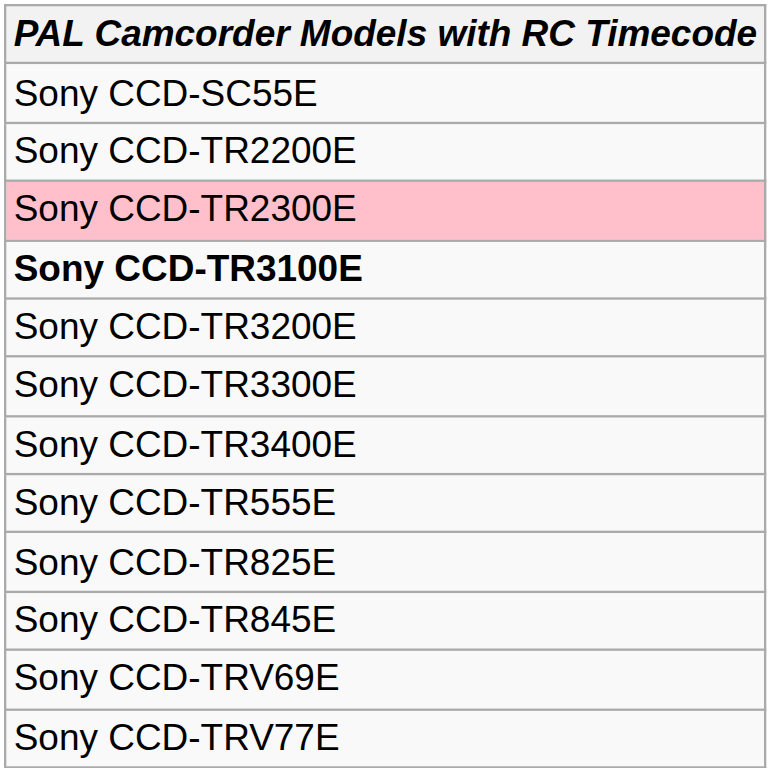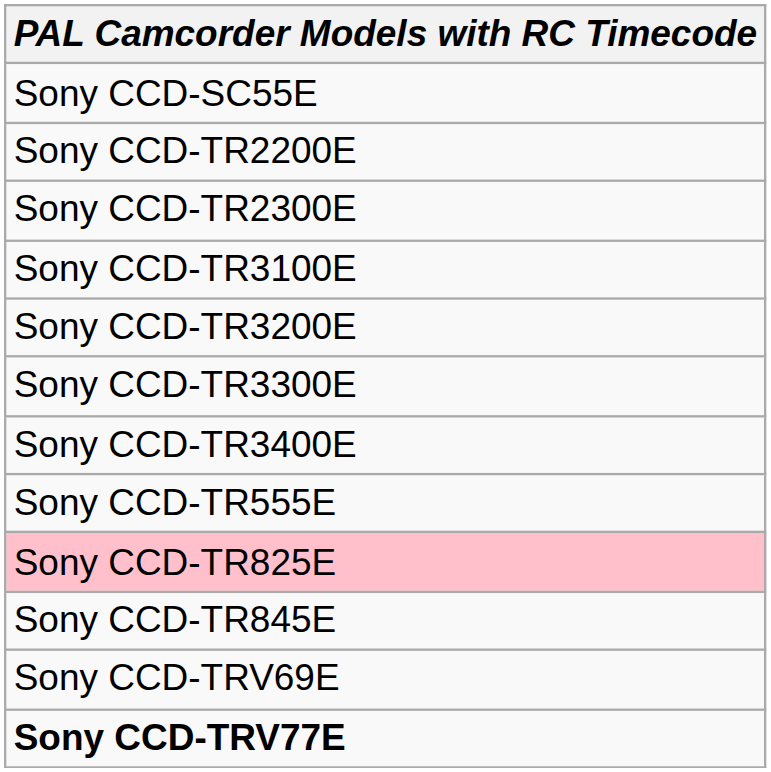 <table class="wikitable">
 <tr>
 <th><em>PAL Camcorder Models with RC Timecode</em></th>
 </tr>
 <tr>
 <td>Sony CCD-SC55E</td>
 </tr>
 <tr>
 <td>Sony CCD-TR2200E</td>
 </tr>
 <tr>
-<td style="background: pink;">Sony CCD-TR2300E</td>
+<td>Sony CCD-TR2300E</td>
 </tr>
 <tr>
-<td><strong>Sony CCD-TR3100E</strong></td>
+<td>Sony CCD-TR3100E</td>
 </tr>
 <tr>
 <td>Sony CCD-TR3200E</td>
 </tr>
 <tr>
 <td>Sony CCD-TR3300E</td>
 </tr>
 <tr>
 <td>Sony CCD-TR3400E</td>
 </tr>
 <tr>
 <td>Sony CCD-TR555E</td>
 </tr>
 <tr>
-<td>Sony CCD-TR825E</td>
+<td style="background: pink;">Sony CCD-TR825E</td>
 </tr>
 <tr>
 <td>Sony CCD-TR845E</td>
 </tr>
 <tr>
 <td>Sony CCD-TRV69E</td>
 </tr>
 <tr>
-<td>Sony CCD-TRV77E</td>
+<td><strong>Sony CCD-TRV77E</strong></td>
 </tr>
 </table>
